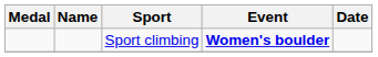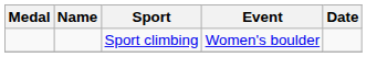 <table class="wikitable sortable" style="font-size:90%">
 <tr>
 <th>Medal</th>
 <th>Name</th>
 <th>Sport</th>
 <th>Event</th>
 <th>Date</th>
 </tr>
 <tr>
 <td></td>
 <td></td>
 <td><a href='#'>Sport climbing</a></td>
-<td><strong><a href='#'>Women's boulder</a></strong></td>
+<td><a href='#'>Women's boulder</a></td>
 <td></td>
 </tr>
 <tr>
 </tr>
 </table>
